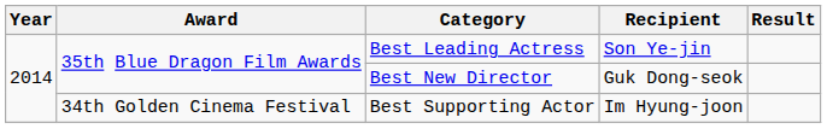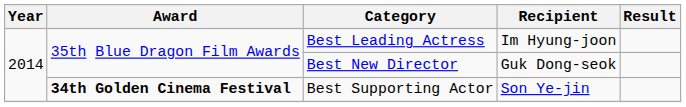 <table class="wikitable">
 <tr>
 <th>Year</th>
 <th>Award</th>
 <th>Category</th>
 <th>Recipient</th>
 <th>Result</th>
 </tr>
 <tr>
 <td rowspan=3>2014</td>
 <td rowspan=2><a href='#'>35th</a> <a href='#'>Blue Dragon Film Awards</a></td>
 <td><a href='#'>Best Leading Actress</a></td>
-<td><a href='#'>Son Ye-jin</a></td>
+<td>Im Hyung-joon</td>
 <td></td>
 </tr>
 <tr>
 <td><a href='#'>Best New Director</a></td>
 <td>Guk Dong-seok</td>
 <td></td>
 </tr>
 <tr>
-<td>34th Golden Cinema Festival</td>
+<td><strong>34th Golden Cinema Festival</strong></td>
 <td>Best Supporting Actor</td>
-<td>Im Hyung-joon</td>
+<td><a href='#'>Son Ye-jin</a></td>
 <td></td>
 </tr>
 <tr>
 </tr>
 </table>
